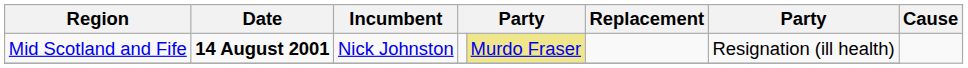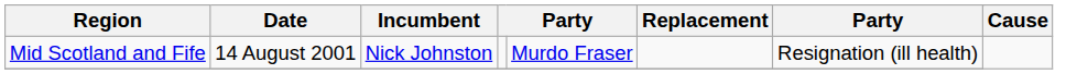 <table class="wikitable" colspan=9||->
 <tr>
 <th>Region</th>
 <th>Date</th>
 <th>Incumbent</th>
 <th colspan=2>Party</th>
 <th>Replacement</th>
 <th colspan=2>Party</th>
 <th>Cause</th>
 </tr>
 <tr>
 <td><a href='#'>Mid Scotland and Fife</a></td>
-<td><strong>14 August 2001</strong></td>
+<td>14 August 2001</td>
 <td><a href='#'>Nick Johnston</a></td>
 <td></td>
-<td style="background: khaki;"><a href='#'>Murdo Fraser</a></td>
+<td><a href='#'>Murdo Fraser</a></td>
 <td></td>
 <td>Resignation (ill health)</td>
 </tr>
 <tr>
 </tr>
 </table>
